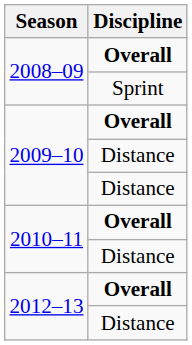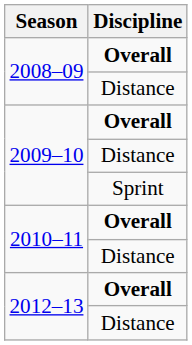 <table class="wikitable" style="text-align: center;">
 <tr>
 <th scope="col">Season</th>
 <th scope="col">Discipline</th>
 </tr>
 <tr>
 <td rowspan="2"><a href='#'>2008–09</a></td>
 <td><strong>Overall</strong></td>
 </tr>
 <tr>
-<td>Sprint</td>
+<td>Distance</td>
 </tr>
 <tr>
 <td rowspan="3"><a href='#'>2009–10</a></td>
 <td><strong>Overall</strong></td>
 </tr>
 <tr>
 <td>Distance</td>
 </tr>
 <tr>
-<td>Distance</td>
+<td>Sprint</td>
 </tr>
 <tr>
 <td rowspan="2"><a href='#'>2010–11</a></td>
 <td><strong>Overall</strong></td>
 </tr>
 <tr>
 <td>Distance</td>
 </tr>
 <tr>
 <td rowspan="2"><a href='#'>2012–13</a></td>
 <td><strong>Overall</strong></td>
 </tr>
 <tr>
 <td>Distance</td>
 </tr>
 </table>
